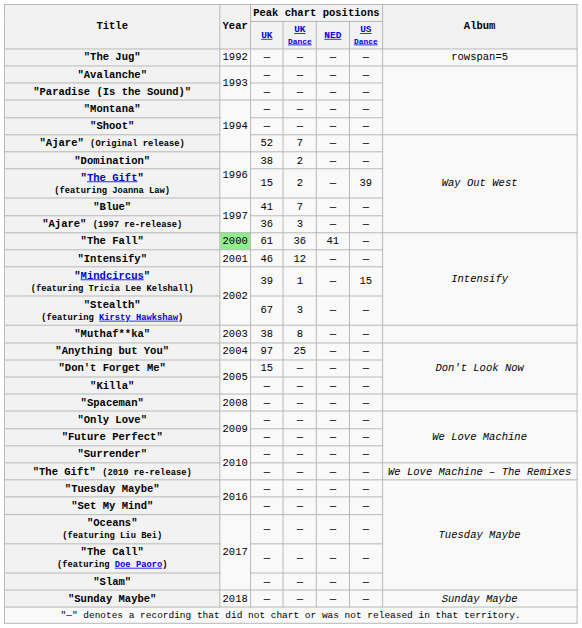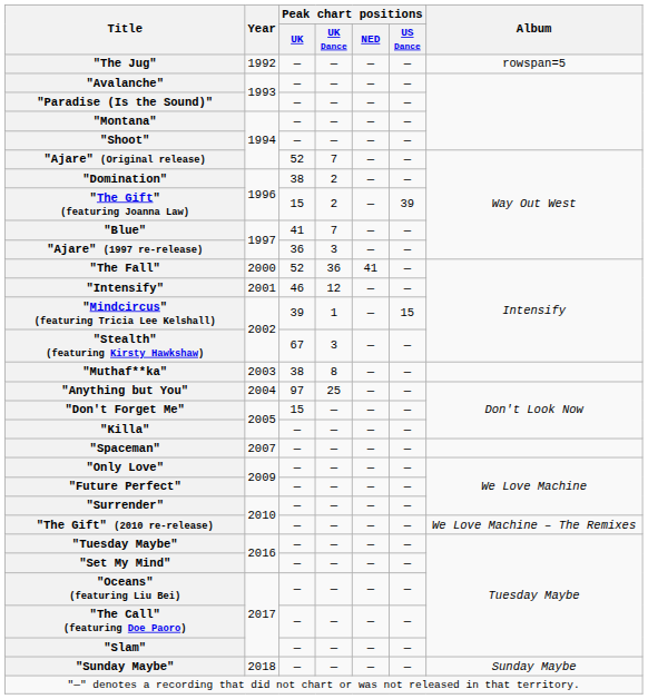 <table class="wikitable plainrowheaders" style="text-align:center;" border="1">
 <tr>
 <th scope="col" rowspan="2" style="width:20em;">Title</th>
 <th scope="col" rowspan="2" style="width:1em;">Year</th>
 <th scope="col" colspan="4">Peak chart positions</th>
 <th scope="col" rowspan="2" style="width:18em;">Album</th>
 </tr>
 <tr>
 <th scope="col" style="width:3em;font-size:90%;"><a href='#'>UK</a><br></th>
 <th scope="col" style="width:3em;font-size:90%;"><a href='#'>UK<br><small>Dance</small></a><br></th>
 <th scope="col" style="width:3em;font-size:90%;"><a href='#'>NED</a><br></th>
 <th scope="col" style="width:3em;font-size:90%;"><a href='#'>US<br><small>Dance</small></a><br></th>
 </tr>
 <tr>
 <th scope="row">"The Jug" </th>
 <td rowspan="1">1992</td>
 <td>—</td>
 <td>—</td>
 <td>—</td>
 <td>—</td>
 <td>rowspan=5 </td>
 </tr>
 <tr>
 <th scope="row">"Avalanche" </th>
 <td rowspan="2">1993</td>
 <td>—</td>
 <td>—</td>
 <td>—</td>
 <td>—</td>
 </tr>
 <tr>
 <th scope="row">"Paradise (Is the Sound)" </th>
 <td>—</td>
 <td>—</td>
 <td>—</td>
 <td>—</td>
 </tr>
 <tr>
 <th scope="row">"Montana"</th>
 <td rowspan="3">1994</td>
 <td>—</td>
 <td>—</td>
 <td>—</td>
 <td>—</td>
 </tr>
 <tr>
 <th scope="row">"Shoot"</th>
 <td>—</td>
 <td>—</td>
 <td>—</td>
 <td>—</td>
 </tr>
 <tr>
 <th scope="row">"Ajare" <small>(Original release)</small></th>
 <td>52</td>
 <td>7</td>
 <td>—</td>
 <td>—</td>
 <td rowspan="5"><em>Way Out West</em></td>
 </tr>
 <tr>
 <th scope="row">"Domination"</th>
 <td rowspan="2">1996</td>
 <td>38</td>
 <td>2</td>
 <td>—</td>
 <td>—</td>
 </tr>
 <tr>
 <th scope="row">"<a href='#'>The Gift</a>" <br><small>(featuring Joanna Law)</small></th>
 <td>15</td>
 <td>2</td>
 <td>—</td>
 <td>39</td>
 </tr>
 <tr>
 <th scope="row">"Blue"</th>
 <td rowspan="2">1997</td>
 <td>41</td>
 <td>7</td>
 <td>—</td>
 <td>—</td>
 </tr>
 <tr>
 <th scope="row">"Ajare" <small>(1997 re-release)</small></th>
 <td>36</td>
 <td>3</td>
 <td>—</td>
 <td>—</td>
 </tr>
 <tr>
 <th scope="row">"The Fall"</th>
-<td rowspan="1" style="background: lightgreen;">2000</td>
-<td>61</td>
+<td rowspan="1">2000</td>
+<td>52</td>
 <td>36</td>
 <td>41</td>
 <td>—</td>
 <td rowspan="4"><em>Intensify</em></td>
 </tr>
 <tr>
 <th scope="row">"Intensify"</th>
 <td rowspan="1">2001</td>
 <td>46</td>
 <td>12</td>
 <td>—</td>
 <td>—</td>
 </tr>
 <tr>
 <th scope="row">"<a href='#'>Mindcircus</a>" <br><small>(featuring Tricia Lee Kelshall)</small></th>
 <td rowspan="2">2002</td>
 <td>39</td>
 <td>1</td>
 <td>—</td>
 <td>15</td>
 </tr>
 <tr>
 <th scope="row">"Stealth" <br><small>(featuring <a href='#'>Kirsty Hawkshaw</a>)</small></th>
 <td>67</td>
 <td>3</td>
 <td>—</td>
 <td>—</td>
 </tr>
 <tr>
 <th scope="row">"Muthaf**ka"</th>
 <td rowspan="1">2003</td>
 <td>38</td>
 <td>8</td>
 <td>—</td>
 <td>—</td>
 <td></td>
 </tr>
 <tr>
 <th scope="row">"Anything but You"</th>
 <td rowspan="1">2004</td>
 <td>97</td>
 <td>25</td>
 <td>—</td>
 <td>—</td>
 <td rowspan="3"><em>Don't Look Now</em></td>
 </tr>
 <tr>
 <th scope="row">"Don't Forget Me"</th>
 <td rowspan="2">2005</td>
 <td>15</td>
 <td>—</td>
 <td>—</td>
 <td>—</td>
 </tr>
 <tr>
 <th scope="row">"Killa"</th>
 <td>—</td>
 <td>—</td>
 <td>—</td>
 <td>—</td>
 </tr>
 <tr>
 <th scope="row">"Spaceman"</th>
-<td rowspan="1">2008</td>
+<td rowspan="1">2007</td>
 <td>—</td>
 <td>—</td>
 <td>—</td>
 <td>—</td>
 <td></td>
 </tr>
 <tr>
 <th scope="row">"Only Love"</th>
 <td rowspan="2">2009</td>
 <td>—</td>
 <td>—</td>
 <td>—</td>
 <td>—</td>
 <td rowspan="3"><em>We Love Machine</em></td>
 </tr>
 <tr>
 <th scope="row">"Future Perfect"</th>
 <td>—</td>
 <td>—</td>
 <td>—</td>
 <td>—</td>
 </tr>
 <tr>
 <th scope="row">"Surrender"</th>
 <td rowspan="2">2010</td>
 <td>—</td>
 <td>—</td>
 <td>—</td>
 <td>—</td>
 </tr>
 <tr>
 <th scope="row">"The Gift" <small>(2010 re-release)</small></th>
 <td>—</td>
 <td>—</td>
 <td>—</td>
 <td>—</td>
 <td><em>We Love Machine – The Remixes</em></td>
 </tr>
 <tr>
 <th scope="row">"Tuesday Maybe"</th>
 <td rowspan="2">2016</td>
 <td>—</td>
 <td>—</td>
 <td>—</td>
 <td>—</td>
 <td rowspan="5"><em>Tuesday Maybe</em></td>
 </tr>
 <tr>
 <th scope="row">"Set My Mind"</th>
 <td>—</td>
 <td>—</td>
 <td>—</td>
 <td>—</td>
 </tr>
 <tr>
 <th scope="row">"Oceans" <br><small>(featuring Liu Bei)</small></th>
 <td rowspan="3">2017</td>
 <td>—</td>
 <td>—</td>
 <td>—</td>
 <td>—</td>
 </tr>
 <tr>
 <th scope="row">"The Call" <br><small>(featuring <a href='#'>Doe Paoro</a>)</small></th>
 <td>—</td>
 <td>—</td>
 <td>—</td>
 <td>—</td>
 </tr>
 <tr>
 <th scope="row">"Slam"</th>
 <td>—</td>
 <td>—</td>
 <td>—</td>
 <td>—</td>
 </tr>
 <tr>
 <th scope="row">"Sunday Maybe"</th>
 <td rowspan="1">2018</td>
 <td>—</td>
 <td>—</td>
 <td>—</td>
 <td>—</td>
 <td><em>Sunday Maybe</em></td>
 </tr>
 <tr>
 <td colspan="13" style="font-size:90%">"—" denotes a recording that did not chart or was not released in that territory.</td>
 </tr>
 </table>
